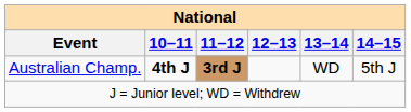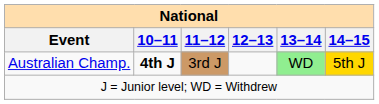 <table class="wikitable" style="text-align:center">
 <tr>
 <th style="background-color: #ffdead; " colspan=6 align=center>National</th>
 </tr>
 <tr>
 <th>Event</th>
 <th><a href='#'>10–11</a></th>
 <th><a href='#'>11–12</a></th>
 <th><a href='#'>12–13</a></th>
 <th><a href='#'>13–14</a></th>
 <th><a href='#'>14–15</a></th>
 </tr>
 <tr>
 <td align=left><a href='#'>Australian Champ.</a></td>
 <td><strong>4th J</strong></td>
-<td bgcolor=cc9966><strong>3rd J</strong></td>
+<td bgcolor=cc9966>3rd J</td>
 <td></td>
-<td>WD</td>
-<td>5th J</td>
+<td style="background: lightgreen;">WD</td>
+<td style="background: gold;">5th J</td>
 </tr>
 <tr>
 <td colspan=6 align=center><small> J = Junior level; WD = Withdrew </small></td>
 </tr>
 </table>
